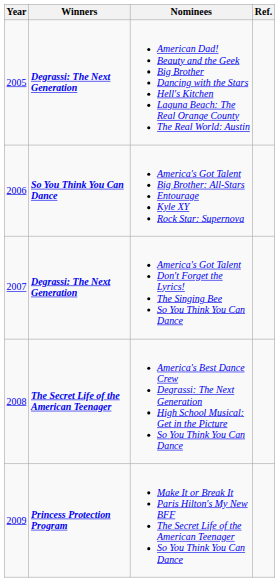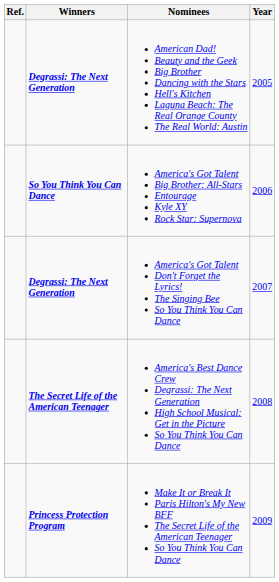 <table class="wikitable" width=70%>
 <tr>
-<th>Year</th>
+<th>Ref.</th>
 <th>Winners</th>
 <th>Nominees</th>
-<th>Ref.</th>
+<th>Year</th>
 </tr>
 <tr>
-<td align="center"><a href='#'>2005</a></td>
+<td align="center"></td>
 <td><strong><em><a href='#'>Degrassi: The Next Generation</a></em></strong></td>
 <td><br><ul><li><em><a href='#'>American Dad!</a></em></li><li><em><a href='#'>Beauty and the Geek</a></em></li><li><em><a href='#'>Big Brother</a></em></li><li><em><a href='#'>Dancing with the Stars</a></em></li><li><em><a href='#'>Hell's Kitchen</a></em></li><li><em><a href='#'>Laguna Beach: The Real Orange County</a></em></li><li><em><a href='#'>The Real World: Austin</a></em></li></ul></td>
-<td align="center"></td>
+<td align="center"><a href='#'>2005</a></td>
 </tr>
 <tr>
-<td align="center"><a href='#'>2006</a></td>
+<td align="center"></td>
 <td><strong><em><a href='#'>So You Think You Can Dance</a></em></strong></td>
 <td><br><ul><li><em><a href='#'>America's Got Talent</a></em></li><li><em><a href='#'>Big Brother: All-Stars</a></em></li><li><em><a href='#'>Entourage</a></em></li><li><em><a href='#'>Kyle XY</a></em></li><li><em><a href='#'>Rock Star: Supernova</a></em></li></ul></td>
-<td align="center"></td>
+<td align="center"><a href='#'>2006</a></td>
 </tr>
 <tr>
-<td align="center"><a href='#'>2007</a></td>
+<td align="center"></td>
 <td><strong><em><a href='#'>Degrassi: The Next Generation</a></em></strong></td>
 <td><br><ul><li><em><a href='#'>America's Got Talent</a></em></li><li><em><a href='#'>Don't Forget the Lyrics!</a></em></li><li><em><a href='#'>The Singing Bee</a></em></li><li><em><a href='#'>So You Think You Can Dance</a></em></li></ul></td>
-<td align="center"></td>
+<td align="center"><a href='#'>2007</a></td>
 </tr>
 <tr>
-<td align="center"><a href='#'>2008</a></td>
+<td align="center"></td>
 <td><strong><em><a href='#'>The Secret Life of the American Teenager</a></em></strong></td>
 <td><br><ul><li><em><a href='#'>America's Best Dance Crew</a></em></li><li><em><a href='#'>Degrassi: The Next Generation</a></em></li><li><em><a href='#'>High School Musical: Get in the Picture</a></em></li><li><em><a href='#'>So You Think You Can Dance</a></em></li></ul></td>
-<td align="center"></td>
+<td align="center"><a href='#'>2008</a></td>
 </tr>
 <tr>
-<td align="center"><a href='#'>2009</a></td>
+<td align="center"></td>
 <td><strong><em><a href='#'>Princess Protection Program</a></em></strong></td>
 <td><br><ul><li><em><a href='#'>Make It or Break It</a></em></li><li><em><a href='#'>Paris Hilton's My New BFF</a></em></li><li><em><a href='#'>The Secret Life of the American Teenager</a></em></li><li><em><a href='#'>So You Think You Can Dance</a></em></li></ul></td>
-<td align="center"></td>
+<td align="center"><a href='#'>2009</a></td>
 </tr>
 </table>
